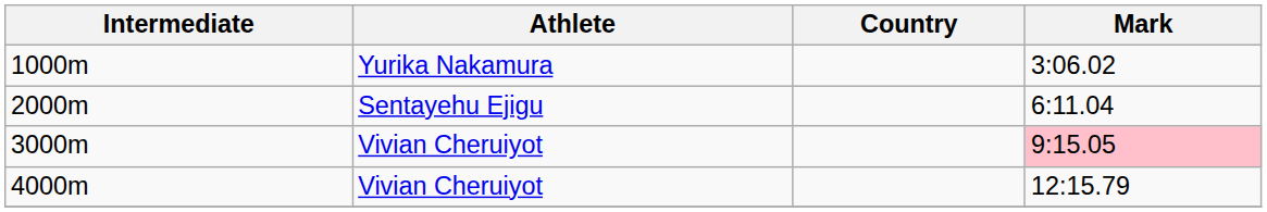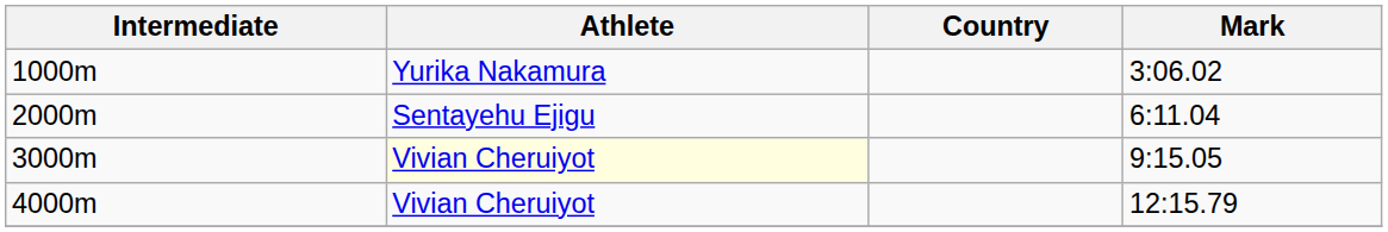 <table class="wikitable" width=50%>
 <tr>
 <th>Intermediate</th>
 <th>Athlete</th>
 <th>Country</th>
 <th>Mark</th>
 </tr>
 <tr>
 <td>1000m</td>
 <td><a href='#'>Yurika Nakamura</a></td>
 <td></td>
 <td>3:06.02</td>
 </tr>
 <tr>
 <td>2000m</td>
 <td><a href='#'>Sentayehu Ejigu</a></td>
 <td></td>
 <td>6:11.04</td>
 </tr>
 <tr>
 <td>3000m</td>
-<td><a href='#'>Vivian Cheruiyot</a></td>
+<td style="background: lightyellow;"><a href='#'>Vivian Cheruiyot</a></td>
 <td></td>
-<td style="background: pink;">9:15.05</td>
+<td>9:15.05</td>
 </tr>
 <tr>
 <td>4000m</td>
 <td><a href='#'>Vivian Cheruiyot</a></td>
 <td></td>
 <td>12:15.79</td>
 </tr>
 <tr>
 </tr>
 </table>
